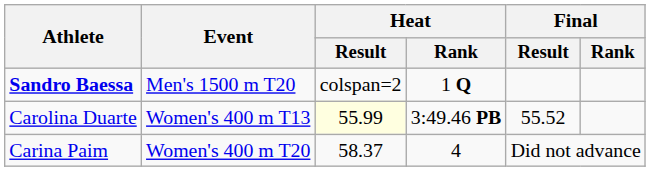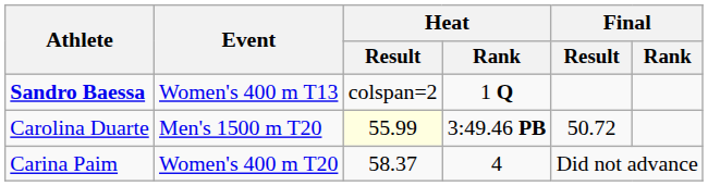 <table class="wikitable" style="font-size:90%">
 <tr>
 <th rowspan="2">Athlete</th>
 <th rowspan="2">Event</th>
 <th colspan="2">Heat</th>
 <th colspan="2">Final</th>
 </tr>
 <tr style="font-size:95%">
 <th>Result</th>
 <th>Rank</th>
 <th>Result</th>
 <th>Rank</th>
 </tr>
 <tr align=center>
 <td align=left><strong><a href='#'>Sandro Baessa</a> </strong></td>
-<td align=left><a href='#'>Men's 1500 m T20</a></td>
+<td align=left><a href='#'>Women's 400 m T13</a></td>
 <td>colspan=2 </td>
 <td>1 <strong>Q</strong></td>
 <td></td>
 </tr>
 <tr align=center>
 <td align=left><a href='#'>Carolina Duarte</a></td>
-<td align=left><a href='#'>Women's 400 m T13</a></td>
+<td align=left><a href='#'>Men's 1500 m T20</a></td>
 <td style="background: lightyellow;">55.99</td>
 <td>3:49.46 <strong>PB</strong></td>
-<td>55.52</td>
+<td>50.72</td>
 <td></td>
 </tr>
 <tr align=center>
 <td align=left><a href='#'>Carina Paim</a></td>
 <td align=left><a href='#'>Women's 400 m T20</a></td>
 <td>58.37</td>
 <td>4</td>
 <td colspan=2>Did not advance</td>
 </tr>
 </table>
